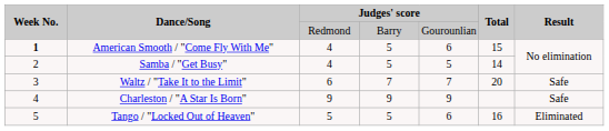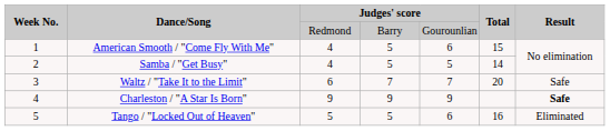 <table class="wikitable collapsible">
 <tr>
 <th rowspan="2" style="background:#ccc; text-align:Center;"><strong>Week No.</strong></th>
 <th rowspan="2" style="background:#ccc; text-align:Center;"><strong>Dance/Song</strong></th>
 <th colspan="3" style="background:#ccc; text-align:Center;"><strong>Judges' score</strong></th>
 <th rowspan="2" style="background:#ccc; text-align:Center;"><strong>Total</strong></th>
 <th rowspan="2" style="background:#ccc; text-align:Center;"><strong>Result</strong></th>
 </tr>
 <tr style="text-align:center; background:#ccc;">
 <td style="width:10%; ">Redmond</td>
 <td style="width:10%; ">Barry</td>
 <td style="width:10%; ">Gourounlian</td>
 </tr>
 <tr style="text-align:center; background:#faf6f6;">
-<td><strong>1</strong></td>
+<td>1</td>
 <td><a href='#'>American Smooth</a> / "<a href='#'>Come Fly With Me</a>"</td>
 <td>4</td>
 <td>5</td>
 <td>6</td>
 <td>15</td>
 <td rowspan="2">No elimination</td>
 </tr>
 <tr style="text-align:center; background:#faf6f6;">
 <td>2</td>
 <td><a href='#'>Samba</a> / "<a href='#'>Get Busy</a>"</td>
 <td>4</td>
 <td>5</td>
 <td>5</td>
 <td>14</td>
 </tr>
 <tr style="text-align:center; background:#faf6f6;">
 <td>3</td>
 <td><a href='#'>Waltz</a> / "<a href='#'>Take It to the Limit</a>"</td>
 <td>6</td>
 <td>7</td>
 <td>7</td>
 <td>20</td>
 <td>Safe</td>
 </tr>
 <tr style="text-align:center; background:#faf6f6;">
 <td>4</td>
 <td><a href='#'>Charleston</a> / "<a href='#'>A Star Is Born</a>"</td>
 <td>9</td>
 <td>9</td>
 <td>9</td>
 <td></td>
-<td>Safe</td>
+<td><strong>Safe</strong></td>
 </tr>
 <tr style="text-align:center; background:#faf6f6;">
 <td>5</td>
 <td><a href='#'>Tango</a> / "<a href='#'>Locked Out of Heaven</a>"</td>
 <td>5</td>
 <td>5</td>
 <td>6</td>
 <td>16</td>
 <td>Eliminated</td>
 </tr>
 </table>
